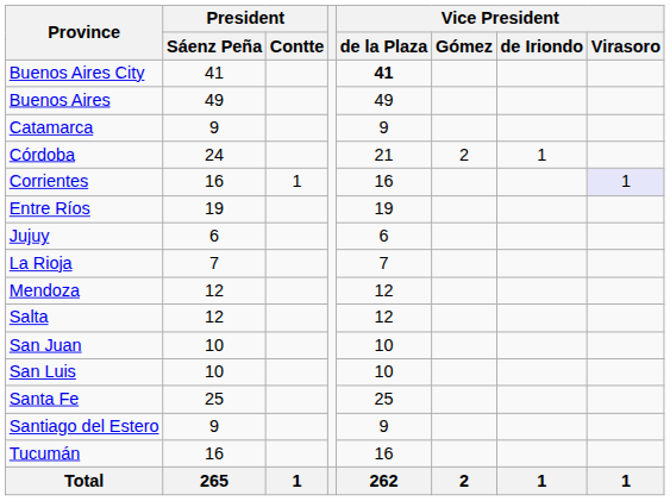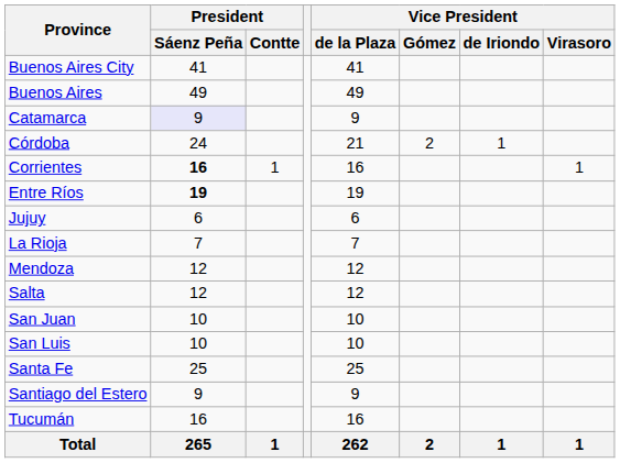 <table class="wikitable" style="text-align:center;">
 <tr>
 <th rowspan=2>Province</th>
 <th colspan=2>President</th>
 <th rowspan=2></th>
 <th colspan=4>Vice President</th>
 </tr>
 <tr>
 <th>Sáenz Peña</th>
 <th>Contte</th>
 <th>de la Plaza</th>
 <th>Gómez</th>
 <th>de Iriondo</th>
 <th>Virasoro</th>
 </tr>
 <tr>
 <td align="left"><a href='#'>Buenos Aires City</a></td>
 <td>41</td>
 <td></td>
 <td rowspan=15></td>
-<td><strong>41</strong></td>
+<td>41</td>
 <td></td>
 <td></td>
 <td></td>
 </tr>
 <tr>
 <td align="left"><a href='#'>Buenos Aires</a></td>
 <td>49</td>
 <td></td>
 <td>49</td>
 <td></td>
 <td></td>
 <td></td>
 </tr>
 <tr>
 <td align="left"><a href='#'>Catamarca</a></td>
-<td>9</td>
+<td style="background: lavender;">9</td>
 <td></td>
 <td>9</td>
 <td></td>
 <td></td>
 <td></td>
 </tr>
 <tr>
 <td align="left"><a href='#'>Córdoba</a></td>
 <td>24</td>
 <td></td>
 <td>21</td>
 <td>2</td>
 <td>1</td>
 <td></td>
 </tr>
 <tr>
 <td align="left"><a href='#'>Corrientes</a></td>
-<td>16</td>
+<td><strong>16</strong></td>
 <td>1</td>
 <td>16</td>
 <td></td>
 <td></td>
-<td style="background: lavender;">1</td>
+<td>1</td>
 </tr>
 <tr>
 <td align="left"><a href='#'>Entre Ríos</a></td>
-<td>19</td>
+<td><strong>19</strong></td>
 <td></td>
 <td>19</td>
 <td></td>
 <td></td>
 <td></td>
 </tr>
 <tr>
 <td align="left"><a href='#'>Jujuy</a></td>
 <td>6</td>
 <td></td>
 <td>6</td>
 <td></td>
 <td></td>
 <td></td>
 </tr>
 <tr>
 <td align="left"><a href='#'>La Rioja</a></td>
 <td>7</td>
 <td></td>
 <td>7</td>
 <td></td>
 <td></td>
 <td></td>
 </tr>
 <tr>
 <td align="left"><a href='#'>Mendoza</a></td>
 <td>12</td>
 <td></td>
 <td>12</td>
 <td></td>
 <td></td>
 <td></td>
 </tr>
 <tr>
 <td align="left"><a href='#'>Salta</a></td>
 <td>12</td>
 <td></td>
 <td>12</td>
 <td></td>
 <td></td>
 <td></td>
 </tr>
 <tr>
 <td align="left"><a href='#'>San Juan</a></td>
 <td>10</td>
 <td></td>
 <td>10</td>
 <td></td>
 <td></td>
 <td></td>
 </tr>
 <tr>
 <td align="left"><a href='#'>San Luis</a></td>
 <td>10</td>
 <td></td>
 <td>10</td>
 <td></td>
 <td></td>
 <td></td>
 </tr>
 <tr>
 <td align="left"><a href='#'>Santa Fe</a></td>
 <td>25</td>
 <td></td>
 <td>25</td>
 <td></td>
 <td></td>
 <td></td>
 </tr>
 <tr>
 <td align="left"><a href='#'>Santiago del Estero</a></td>
 <td>9</td>
 <td></td>
 <td>9</td>
 <td></td>
 <td></td>
 <td></td>
 </tr>
 <tr>
 <td align="left"><a href='#'>Tucumán</a></td>
 <td>16</td>
 <td></td>
 <td>16</td>
 <td></td>
 <td></td>
 <td></td>
 </tr>
 <tr>
 <th>Total</th>
 <th>265</th>
 <th>1</th>
 <th></th>
 <th>262</th>
 <th>2</th>
 <th>1</th>
 <th>1</th>
 </tr>
 </table>
